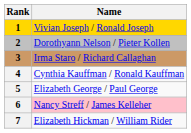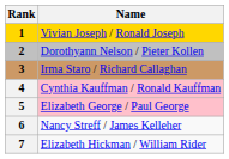 <table class="wikitable">
 <tr>
 <th>Rank</th>
 <th>Name</th>
 </tr>
 <tr bgcolor="gold">
 <td align="center"><strong>1</strong></td>
 <td><a href='#'>Vivian Joseph</a> / <a href='#'>Ronald Joseph</a></td>
 </tr>
 <tr bgcolor="silver">
 <td align="center"><strong>2</strong></td>
 <td><a href='#'>Dorothyann Nelson</a> / <a href='#'>Pieter Kollen</a></td>
 </tr>
 <tr bgcolor="cc9966">
 <td align="center"><strong>3</strong></td>
 <td><a href='#'>Irma Staro</a> / <a href='#'>Richard Callaghan</a></td>
 </tr>
 <tr>
 <th>4</th>
-<td><a href='#'>Cynthia Kauffman</a> / <a href='#'>Ronald Kauffman</a></td>
+<td style="background: pink;"><a href='#'>Cynthia Kauffman</a> / <a href='#'>Ronald Kauffman</a></td>
 </tr>
 <tr>
 <th>5</th>
-<td><a href='#'>Elizabeth George</a> / <a href='#'>Paul George</a></td>
+<td style="background: pink;"><a href='#'>Elizabeth George</a> / <a href='#'>Paul George</a></td>
 </tr>
 <tr>
 <th>6</th>
-<td style="background: pink;"><a href='#'>Nancy Streff</a> / <a href='#'>James Kelleher</a></td>
+<td><a href='#'>Nancy Streff</a> / <a href='#'>James Kelleher</a></td>
 </tr>
 <tr>
 <th>7</th>
 <td><a href='#'>Elizabeth Hickman</a> / <a href='#'>William Rider</a></td>
 </tr>
 </table>
